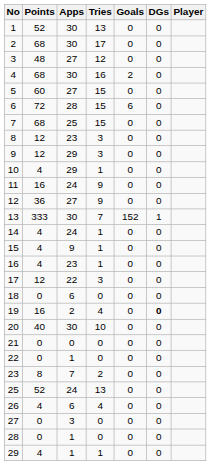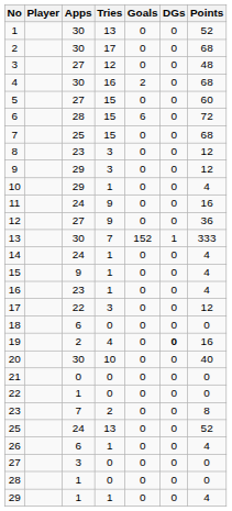 <table class="wikitable sortable" style="text-align:center;">
 <tr>
 <th><strong>No</strong></th>
-<th><strong>Points</strong></th>
+<th><strong>Player</strong></th>
 <th><strong>Apps</strong></th>
 <th><strong>Tries</strong></th>
 <th><strong>Goals</strong></th>
 <th><strong>DGs</strong></th>
-<th><strong>Player</strong></th>
+<th><strong>Points</strong></th>
 </tr>
 <tr>
 <td>1</td>
-<td>52</td>
+<td></td>
 <td>30</td>
 <td>13</td>
 <td>0</td>
 <td>0</td>
-<td></td>
+<td>52</td>
 </tr>
 <tr>
 <td>2</td>
-<td>68</td>
+<td></td>
 <td>30</td>
 <td>17</td>
 <td>0</td>
 <td>0</td>
-<td></td>
+<td>68</td>
 </tr>
 <tr>
 <td>3</td>
-<td>48</td>
+<td></td>
 <td>27</td>
 <td>12</td>
 <td>0</td>
 <td>0</td>
-<td></td>
+<td>48</td>
 </tr>
 <tr>
 <td>4</td>
-<td>68</td>
+<td></td>
 <td>30</td>
 <td>16</td>
 <td>2</td>
 <td>0</td>
-<td></td>
+<td>68</td>
 </tr>
 <tr>
 <td>5</td>
-<td>60</td>
+<td></td>
 <td>27</td>
 <td>15</td>
 <td>0</td>
 <td>0</td>
-<td></td>
+<td>60</td>
 </tr>
 <tr>
 <td>6</td>
-<td>72</td>
+<td></td>
 <td>28</td>
 <td>15</td>
 <td>6</td>
 <td>0</td>
-<td></td>
+<td>72</td>
 </tr>
 <tr>
 <td>7</td>
-<td>68</td>
+<td></td>
 <td>25</td>
 <td>15</td>
 <td>0</td>
 <td>0</td>
-<td></td>
+<td>68</td>
 </tr>
 <tr>
 <td>8</td>
-<td>12</td>
+<td></td>
 <td>23</td>
 <td>3</td>
 <td>0</td>
 <td>0</td>
-<td></td>
+<td>12</td>
 </tr>
 <tr>
 <td>9</td>
-<td>12</td>
+<td></td>
 <td>29</td>
 <td>3</td>
 <td>0</td>
 <td>0</td>
-<td></td>
+<td>12</td>
 </tr>
 <tr>
 <td>10</td>
-<td>4</td>
+<td></td>
 <td>29</td>
 <td>1</td>
 <td>0</td>
 <td>0</td>
-<td></td>
+<td>4</td>
 </tr>
 <tr>
 <td>11</td>
-<td>16</td>
+<td></td>
 <td>24</td>
 <td>9</td>
 <td>0</td>
 <td>0</td>
-<td></td>
+<td>16</td>
 </tr>
 <tr>
 <td>12</td>
-<td>36</td>
+<td></td>
 <td>27</td>
 <td>9</td>
 <td>0</td>
 <td>0</td>
-<td></td>
+<td>36</td>
 </tr>
 <tr>
 <td>13</td>
-<td>333</td>
+<td></td>
 <td>30</td>
 <td>7</td>
 <td>152</td>
 <td>1</td>
-<td></td>
+<td>333</td>
 </tr>
 <tr>
 <td>14</td>
-<td>4</td>
+<td></td>
 <td>24</td>
 <td>1</td>
 <td>0</td>
 <td>0</td>
-<td></td>
+<td>4</td>
 </tr>
 <tr>
 <td>15</td>
-<td>4</td>
+<td></td>
 <td>9</td>
 <td>1</td>
 <td>0</td>
 <td>0</td>
-<td></td>
+<td>4</td>
 </tr>
 <tr>
 <td>16</td>
-<td>4</td>
+<td></td>
 <td>23</td>
 <td>1</td>
 <td>0</td>
 <td>0</td>
-<td></td>
+<td>4</td>
 </tr>
 <tr>
 <td>17</td>
-<td>12</td>
+<td></td>
 <td>22</td>
 <td>3</td>
 <td>0</td>
 <td>0</td>
-<td></td>
+<td>12</td>
 </tr>
 <tr>
 <td>18</td>
-<td>0</td>
+<td></td>
 <td>6</td>
 <td>0</td>
 <td>0</td>
 <td>0</td>
-<td></td>
+<td>0</td>
 </tr>
 <tr>
 <td>19</td>
-<td>16</td>
+<td></td>
 <td>2</td>
 <td>4</td>
 <td>0</td>
 <td><strong>0</strong></td>
-<td></td>
+<td>16</td>
 </tr>
 <tr>
 <td>20</td>
-<td>40</td>
+<td></td>
 <td>30</td>
 <td>10</td>
 <td>0</td>
 <td>0</td>
-<td></td>
+<td>40</td>
 </tr>
 <tr>
 <td>21</td>
+<td></td>
 <td>0</td>
 <td>0</td>
 <td>0</td>
 <td>0</td>
 <td>0</td>
-<td></td>
 </tr>
 <tr>
 <td>22</td>
-<td>0</td>
+<td></td>
 <td>1</td>
 <td>0</td>
 <td>0</td>
 <td>0</td>
-<td></td>
+<td>0</td>
 </tr>
 <tr>
 <td>23</td>
-<td>8</td>
+<td></td>
 <td>7</td>
 <td>2</td>
 <td>0</td>
 <td>0</td>
-<td></td>
+<td>8</td>
 </tr>
 <tr>
 <td>25</td>
-<td>52</td>
+<td></td>
 <td>24</td>
 <td>13</td>
 <td>0</td>
 <td>0</td>
-<td></td>
+<td>52</td>
 </tr>
 <tr>
 <td>26</td>
-<td>4</td>
+<td></td>
 <td>6</td>
-<td>4</td>
+<td>1</td>
 <td>0</td>
 <td>0</td>
-<td></td>
+<td>4</td>
 </tr>
 <tr>
 <td>27</td>
-<td>0</td>
+<td></td>
 <td>3</td>
 <td>0</td>
 <td>0</td>
 <td>0</td>
-<td></td>
+<td>0</td>
 </tr>
 <tr>
 <td>28</td>
-<td>0</td>
+<td></td>
 <td>1</td>
 <td>0</td>
 <td>0</td>
 <td>0</td>
-<td></td>
+<td>0</td>
 </tr>
 <tr>
 <td>29</td>
-<td>4</td>
+<td></td>
 <td>1</td>
 <td>1</td>
 <td>0</td>
 <td>0</td>
-<td></td>
+<td>4</td>
 </tr>
 </table>
